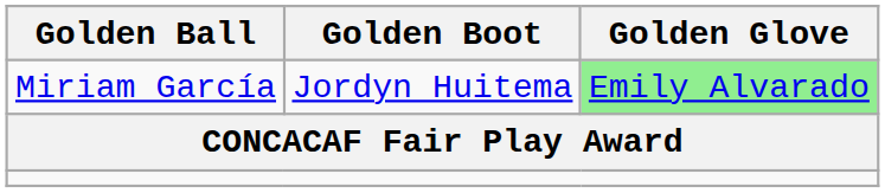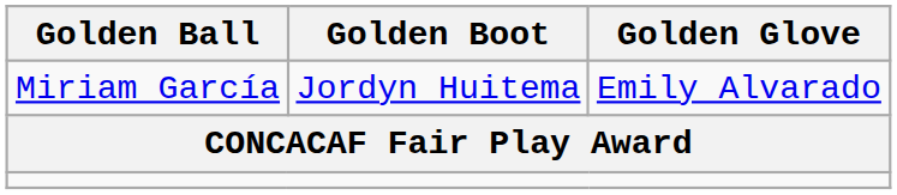 <table class="wikitable" style="margin:auto">
 <tr>
 <th>Golden Ball</th>
 <th>Golden Boot</th>
 <th>Golden Glove</th>
 </tr>
 <tr>
 <td> <a href='#'>Miriam García</a></td>
 <td> <a href='#'>Jordyn Huitema</a></td>
-<td style="background: lightgreen;"> <a href='#'>Emily Alvarado</a></td>
+<td> <a href='#'>Emily Alvarado</a></td>
 </tr>
 <tr>
 <th colspan="3">CONCACAF Fair Play Award</th>
 </tr>
 <tr>
 <td colspan="3" style="text-align:center;"></td>
 </tr>
 </table>
